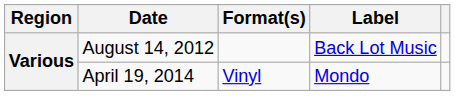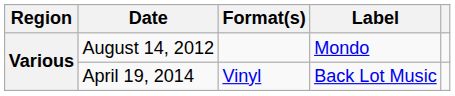 <table class="wikitable plainrowheaders">
 <tr>
 <th scope="col">Region</th>
 <th scope="col">Date</th>
 <th scope="col">Format(s)</th>
 <th scope="col">Label</th>
 <th scope="col"></th>
 </tr>
 <tr>
 <th scope="row" rowspan="2">Various</th>
 <td>August 14, 2012</td>
 <td></td>
-<td><a href='#'>Back Lot Music</a></td>
+<td><a href='#'>Mondo</a></td>
 <td align="center"></td>
 </tr>
 <tr>
 <td>April 19, 2014</td>
 <td><a href='#'>Vinyl</a></td>
-<td><a href='#'>Mondo</a></td>
+<td><a href='#'>Back Lot Music</a></td>
 <td align="center"></td>
 </tr>
 </table>
